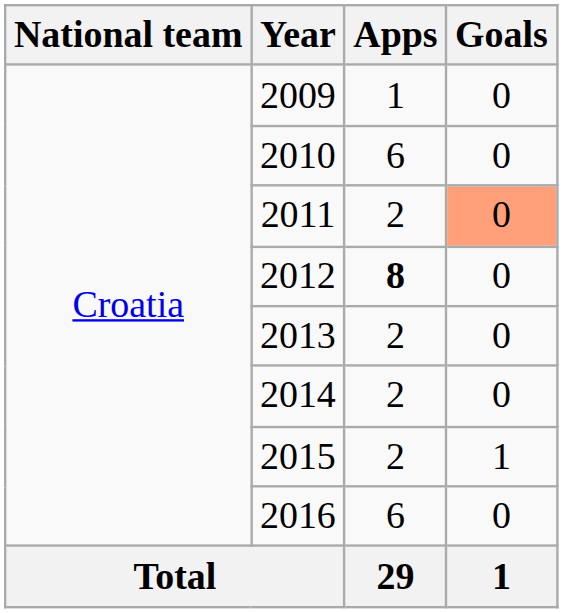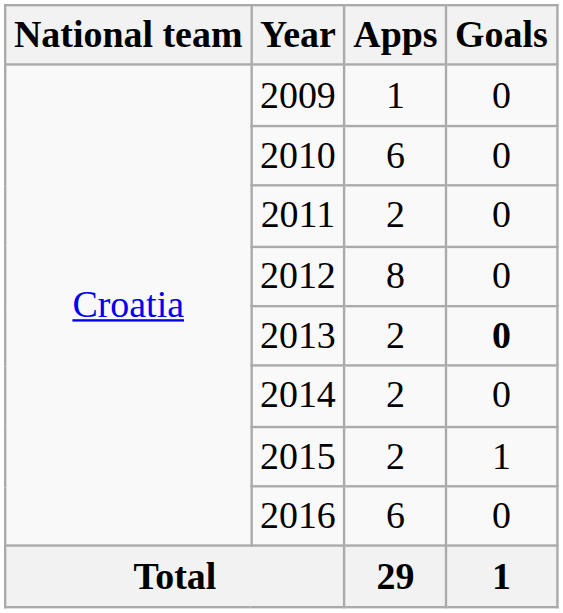 <table class="wikitable" style="text-align:center">
 <tr>
 <th>National team</th>
 <th>Year</th>
 <th>Apps</th>
 <th>Goals</th>
 </tr>
 <tr>
 <td rowspan="8"><a href='#'>Croatia</a></td>
 <td>2009</td>
 <td>1</td>
 <td>0</td>
 </tr>
 <tr>
 <td>2010</td>
 <td>6</td>
 <td>0</td>
 </tr>
 <tr>
 <td>2011</td>
 <td>2</td>
-<td style="background: lightsalmon;">0</td>
+<td>0</td>
 </tr>
 <tr>
 <td>2012</td>
-<td><strong>8</strong></td>
+<td>8</td>
 <td>0</td>
 </tr>
 <tr>
 <td>2013</td>
 <td>2</td>
-<td>0</td>
+<td><strong>0</strong></td>
 </tr>
 <tr>
 <td>2014</td>
 <td>2</td>
 <td>0</td>
 </tr>
 <tr>
 <td>2015</td>
 <td>2</td>
 <td>1</td>
 </tr>
 <tr>
 <td>2016</td>
 <td>6</td>
 <td>0</td>
 </tr>
 <tr>
 <th colspan="2">Total</th>
 <th>29</th>
 <th>1</th>
 </tr>
 </table>
